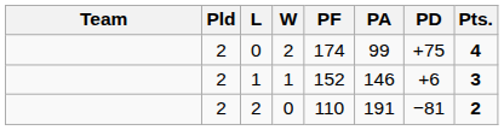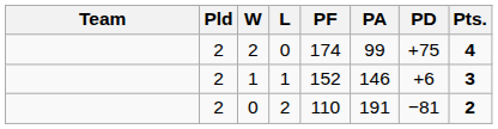 <table class=wikitable style="text-align:center">
 <tr>
 <th width=160>Team</th>
 <th width=20>Pld</th>
+<th width=20>W</th>
 <th width=20>L</th>
-<th width=20>W</th>
 <th width=35>PF</th>
 <th width=35>PA</th>
 <th width=35>PD</th>
 <th width=30>Pts.</th>
 </tr>
 <tr>
 <td align=left></td>
 <td>2</td>
+<td>2</td>
 <td>0</td>
-<td>2</td>
 <td>174</td>
 <td>99</td>
 <td>+75</td>
 <td><strong>4</strong></td>
 </tr>
 <tr>
 <td align=left></td>
 <td>2</td>
 <td>1</td>
 <td>1</td>
 <td>152</td>
 <td>146</td>
 <td>+6</td>
 <td><strong>3</strong></td>
 </tr>
 <tr>
 <td align=left></td>
 <td>2</td>
+<td>0</td>
 <td>2</td>
-<td>0</td>
 <td>110</td>
 <td>191</td>
 <td>−81</td>
 <td><strong>2</strong></td>
 </tr>
 </table>
